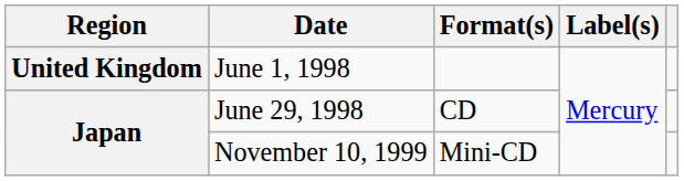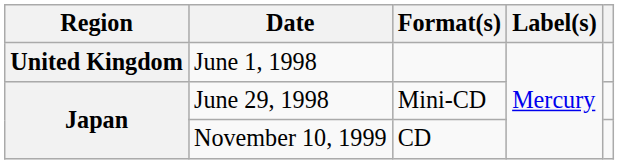 <table class="wikitable plainrowheaders">
 <tr>
 <th scope="col">Region</th>
 <th scope="col">Date</th>
 <th scope="col">Format(s)</th>
 <th scope="col">Label(s)</th>
 <th scope="col"></th>
 </tr>
 <tr>
 <th scope="row">United Kingdom</th>
 <td>June 1, 1998</td>
 <td></td>
 <td rowspan="3"><a href='#'>Mercury</a></td>
 <td></td>
 </tr>
 <tr>
 <th scope="row" rowspan="2">Japan</th>
 <td>June 29, 1998</td>
-<td>CD</td>
+<td>Mini-CD</td>
 <td></td>
 </tr>
 <tr>
 <td>November 10, 1999</td>
-<td>Mini-CD</td>
+<td>CD</td>
 <td></td>
 </tr>
 </table>
